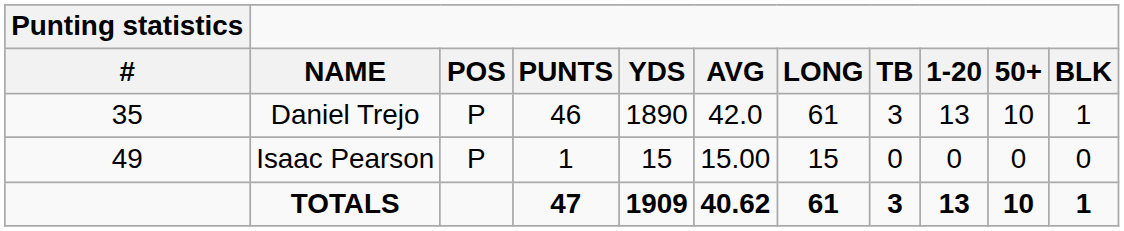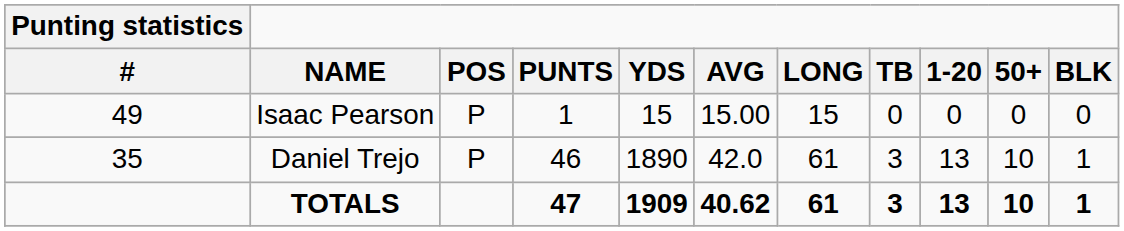 <table style="text-align:center;" class="wikitable">
 <tr>
 <th style="text-align:center; ">Punting statistics</th>
 </tr>
 <tr>
 <th>#</th>
 <th>NAME</th>
 <th>POS</th>
 <th>PUNTS</th>
 <th>YDS</th>
 <th>AVG</th>
 <th>LONG</th>
 <th>TB</th>
 <th>1-20</th>
 <th>50+</th>
 <th>BLK</th>
 </tr>
 <tr>
+<td>49</td>
+<td>Isaac Pearson</td>
+<td>P</td>
+<td>1</td>
+<td>15</td>
+<td>15.00</td>
+<td>15</td>
+<td>0</td>
+<td>0</td>
+<td>0</td>
+<td>0</td>
+</tr>
+<tr>
 <td>35</td>
 <td>Daniel Trejo</td>
 <td>P</td>
 <td>46</td>
 <td>1890</td>
 <td>42.0</td>
 <td>61</td>
 <td>3</td>
 <td>13</td>
 <td>10</td>
 <td>1</td>
-</tr>
-<tr>
-<td>49</td>
-<td>Isaac Pearson</td>
-<td>P</td>
-<td>1</td>
-<td>15</td>
-<td>15.00</td>
-<td>15</td>
-<td>0</td>
-<td>0</td>
-<td>0</td>
-<td>0</td>
 </tr>
 <tr>
 <td></td>
 <td><strong>TOTALS</strong></td>
 <td></td>
 <td><strong>47</strong></td>
 <td><strong>1909</strong></td>
 <td><strong>40.62</strong></td>
 <td><strong>61</strong></td>
 <td><strong>3</strong></td>
 <td><strong>13</strong></td>
 <td><strong>10</strong></td>
 <td><strong>1</strong></td>
 </tr>
 </table>
